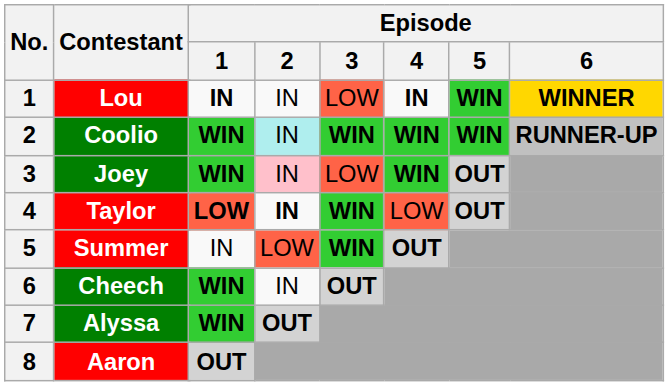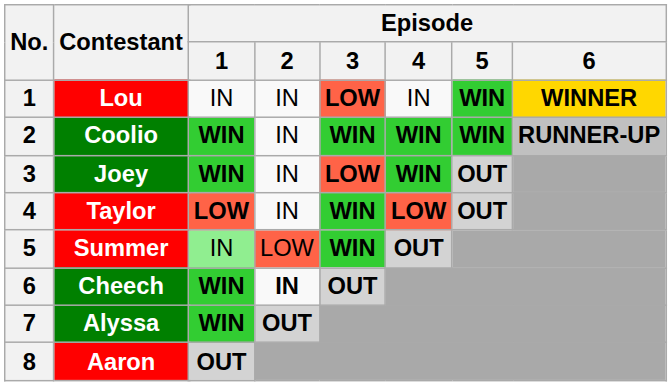 <table class="wikitable" style="text-align: center;">
 <tr>
 <th rowspan="2">No.</th>
 <th colspan="2" rowspan="2">Contestant</th>
 <th colspan="6">Episode</th>
 </tr>
 <tr>
 <th>1</th>
 <th>2</th>
 <th>3</th>
 <th>4</th>
 <th>5</th>
 <th>6</th>
 </tr>
 <tr align=center>
 <th>1</th>
 <th colspan="2" style="background:red; color:#fff;">Lou</th>
-<td><strong>IN</strong></td>
 <td>IN</td>
-<td style="background:tomato;">LOW</td>
-<td><strong>IN</strong></td>
+<td>IN</td>
+<td style="background:tomato;"><strong>LOW</strong></td>
+<td>IN</td>
 <td style="background:limegreen;"><strong>WIN</strong></td>
 <td style="background:gold;"><strong>WINNER</strong></td>
 </tr>
 <tr align=center>
 <th>2</th>
 <th colspan="2" style="background:green; color:#fff;">Coolio</th>
 <td style="background:limegreen;"><strong>WIN</strong></td>
-<td style="background: paleturquoise;">IN</td>
+<td>IN</td>
 <td style="background:limegreen;"><strong>WIN</strong></td>
 <td style="background:limegreen;"><strong>WIN</strong></td>
 <td style="background:limegreen;"><strong>WIN</strong></td>
 <td style="background:silver;"><strong>RUNNER-UP</strong></td>
 </tr>
 <tr align=center>
 <th>3</th>
 <th colspan="2" style="background:green; color:#fff;">Joey</th>
 <td style="background:limegreen;"><strong>WIN</strong></td>
-<td style="background: pink;">IN</td>
-<td style="background:tomato;">LOW</td>
+<td>IN</td>
+<td style="background:tomato;"><strong>LOW</strong></td>
 <td style="background:limegreen;"><strong>WIN</strong></td>
 <td style="background:lightgrey;"><strong>OUT</strong></td>
 <td style="background:darkgrey;"></td>
 </tr>
 <tr align=center>
 <th>4</th>
 <th colspan="2" style="background:red; color:#fff;">Taylor</th>
 <td style="background:tomato;"><strong>LOW</strong></td>
-<td><strong>IN</strong></td>
+<td>IN</td>
 <td style="background:limegreen;"><strong>WIN</strong></td>
-<td style="background:tomato;">LOW</td>
+<td style="background:tomato;"><strong>LOW</strong></td>
 <td style="background:lightgrey;"><strong>OUT</strong></td>
 <td style="background:darkgrey;"></td>
 </tr>
 <tr align=center>
 <th>5</th>
 <th colspan="2" style="background:red; color:#fff;">Summer</th>
-<td>IN</td>
+<td style="background: lightgreen;">IN</td>
 <td style="background:tomato;">LOW</td>
 <td style="background:limegreen;"><strong>WIN</strong></td>
 <td style="background:lightgrey;"><strong>OUT</strong></td>
 <td style="background:darkgrey;" colspan="2"></td>
 </tr>
 <tr align=center>
 <th>6</th>
 <th colspan="2" style="background:green; color:#fff;">Cheech</th>
 <td style="background:limegreen;"><strong>WIN</strong></td>
-<td>IN</td>
+<td><strong>IN</strong></td>
 <td style="background:lightgrey;"><strong>OUT</strong></td>
 <td style="background:darkgrey;" colspan="3"></td>
 </tr>
 <tr align=center>
 <th>7</th>
 <th colspan="2" style="background:green; color:#fff;">Alyssa</th>
 <td style="background:limegreen;"><strong>WIN</strong></td>
 <td style="background:lightgrey;"><strong>OUT</strong></td>
 <td style="background:darkgrey;" colspan="4"></td>
 </tr>
 <tr align=center>
 <th>8</th>
 <th colspan="2" style="background:red; color:#fff;">Aaron</th>
 <td style="background:lightgrey;"><strong>OUT</strong></td>
 <td style="background:darkgrey;" colspan="5"></td>
 </tr>
 </table>
